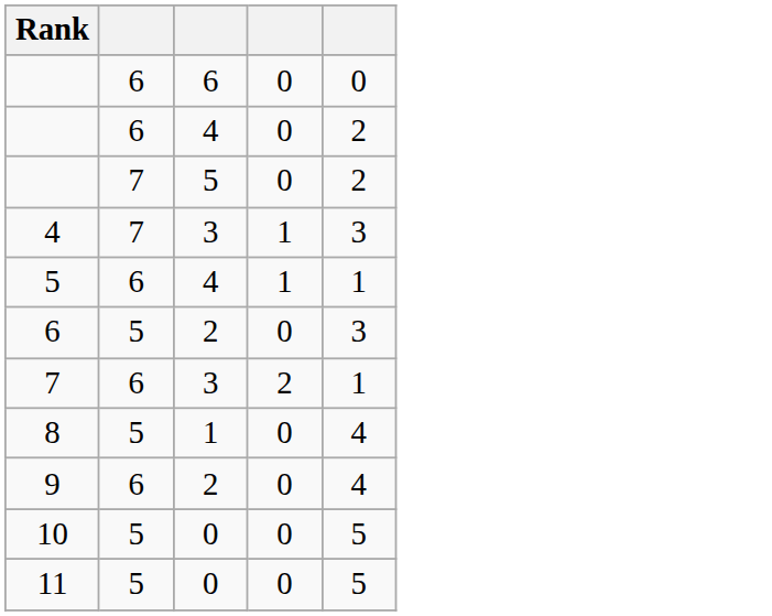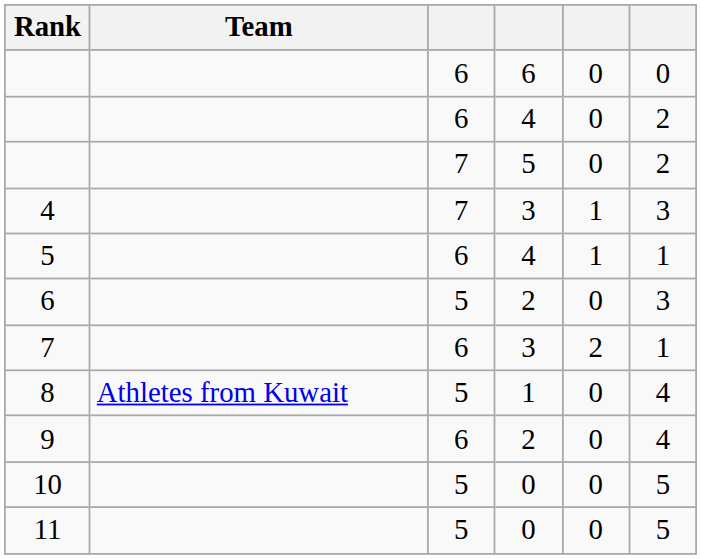 <table class="wikitable" style="text-align: center;">
 <tr>
 <th width=40>Rank</th>
+<th width=180>Team</th>
 <th width=30></th>
 <th width=30></th>
 <th width=30></th>
 <th width=30></th>
 </tr>
 <tr>
 <td></td>
+<td align=left></td>
 <td>6</td>
 <td>6</td>
 <td>0</td>
 <td>0</td>
 </tr>
 <tr>
 <td></td>
+<td align=left></td>
 <td>6</td>
 <td>4</td>
 <td>0</td>
 <td>2</td>
 </tr>
 <tr>
 <td></td>
+<td align=left></td>
 <td>7</td>
 <td>5</td>
 <td>0</td>
 <td>2</td>
 </tr>
 <tr>
 <td>4</td>
+<td align=left></td>
 <td>7</td>
 <td>3</td>
 <td>1</td>
 <td>3</td>
 </tr>
 <tr>
 <td>5</td>
+<td align=left></td>
 <td>6</td>
 <td>4</td>
 <td>1</td>
 <td>1</td>
 </tr>
 <tr>
 <td>6</td>
+<td align=left></td>
 <td>5</td>
 <td>2</td>
 <td>0</td>
 <td>3</td>
 </tr>
 <tr>
 <td>7</td>
+<td align=left></td>
 <td>6</td>
 <td>3</td>
 <td>2</td>
 <td>1</td>
 </tr>
 <tr>
 <td>8</td>
+<td align=left> <a href='#'>Athletes from Kuwait</a></td>
 <td>5</td>
 <td>1</td>
 <td>0</td>
 <td>4</td>
 </tr>
 <tr>
 <td>9</td>
+<td align=left></td>
 <td>6</td>
 <td>2</td>
 <td>0</td>
 <td>4</td>
 </tr>
 <tr>
 <td>10</td>
+<td align=left></td>
 <td>5</td>
 <td>0</td>
 <td>0</td>
 <td>5</td>
 </tr>
 <tr>
 <td>11</td>
+<td align=left></td>
 <td>5</td>
 <td>0</td>
 <td>0</td>
 <td>5</td>
 </tr>
 </table>
